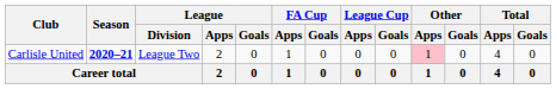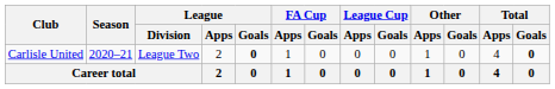 <table class="wikitable" style="text-align: center">
 <tr>
 <th rowspan="2">Club</th>
 <th rowspan="2">Season</th>
 <th colspan="3">League</th>
 <th colspan="2"><a href='#'>FA Cup</a></th>
 <th colspan="2"><a href='#'>League Cup</a></th>
 <th colspan="2">Other</th>
 <th colspan="2">Total</th>
 </tr>
 <tr>
 <th>Division</th>
 <th>Apps</th>
 <th>Goals</th>
 <th>Apps</th>
 <th>Goals</th>
 <th>Apps</th>
 <th>Goals</th>
 <th>Apps</th>
 <th>Goals</th>
 <th>Apps</th>
 <th>Goals</th>
 </tr>
 <tr>
 <td><a href='#'>Carlisle United</a></td>
-<td><strong><a href='#'>2020–21</a></strong></td>
+<td><a href='#'>2020–21</a></td>
 <td><a href='#'>League Two</a></td>
 <td>2</td>
-<td>0</td>
+<td><strong>0</strong></td>
 <td>1</td>
 <td>0</td>
 <td>0</td>
 <td>0</td>
-<td style="background: pink;">1</td>
+<td>1</td>
 <td>0</td>
 <td>4</td>
-<td>0</td>
+<td><strong>0</strong></td>
 </tr>
 <tr>
 <th colspan="3">Career total</th>
 <th>2</th>
 <th>0</th>
 <th>1</th>
 <th>0</th>
 <th>0</th>
 <th>0</th>
 <th>1</th>
 <th>0</th>
 <th>4</th>
 <th>0</th>
 </tr>
 </table>
